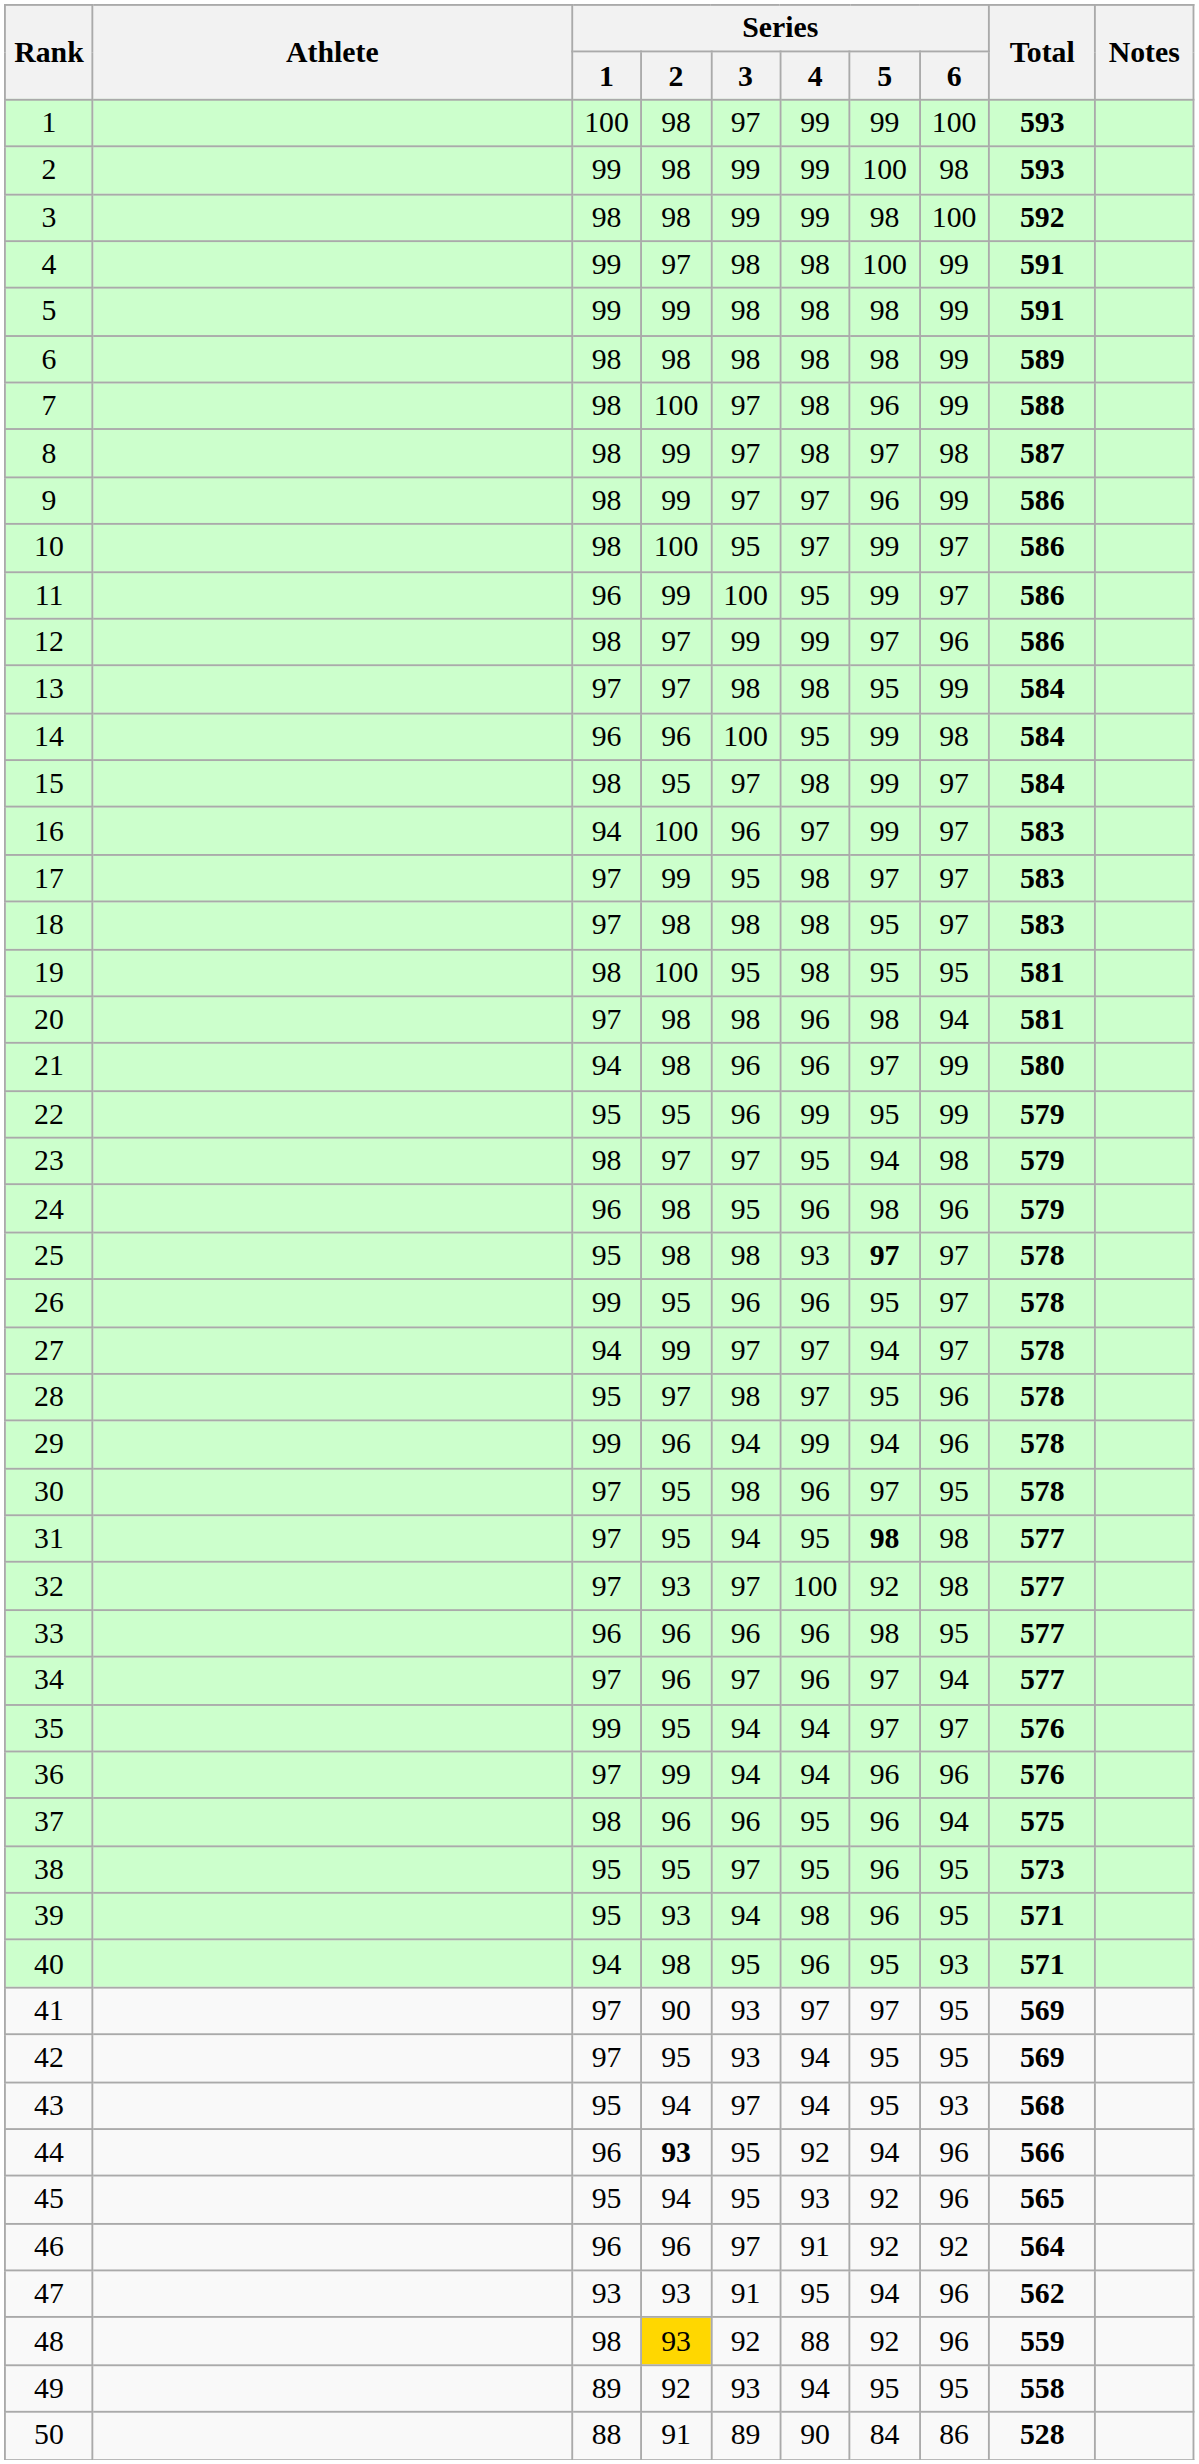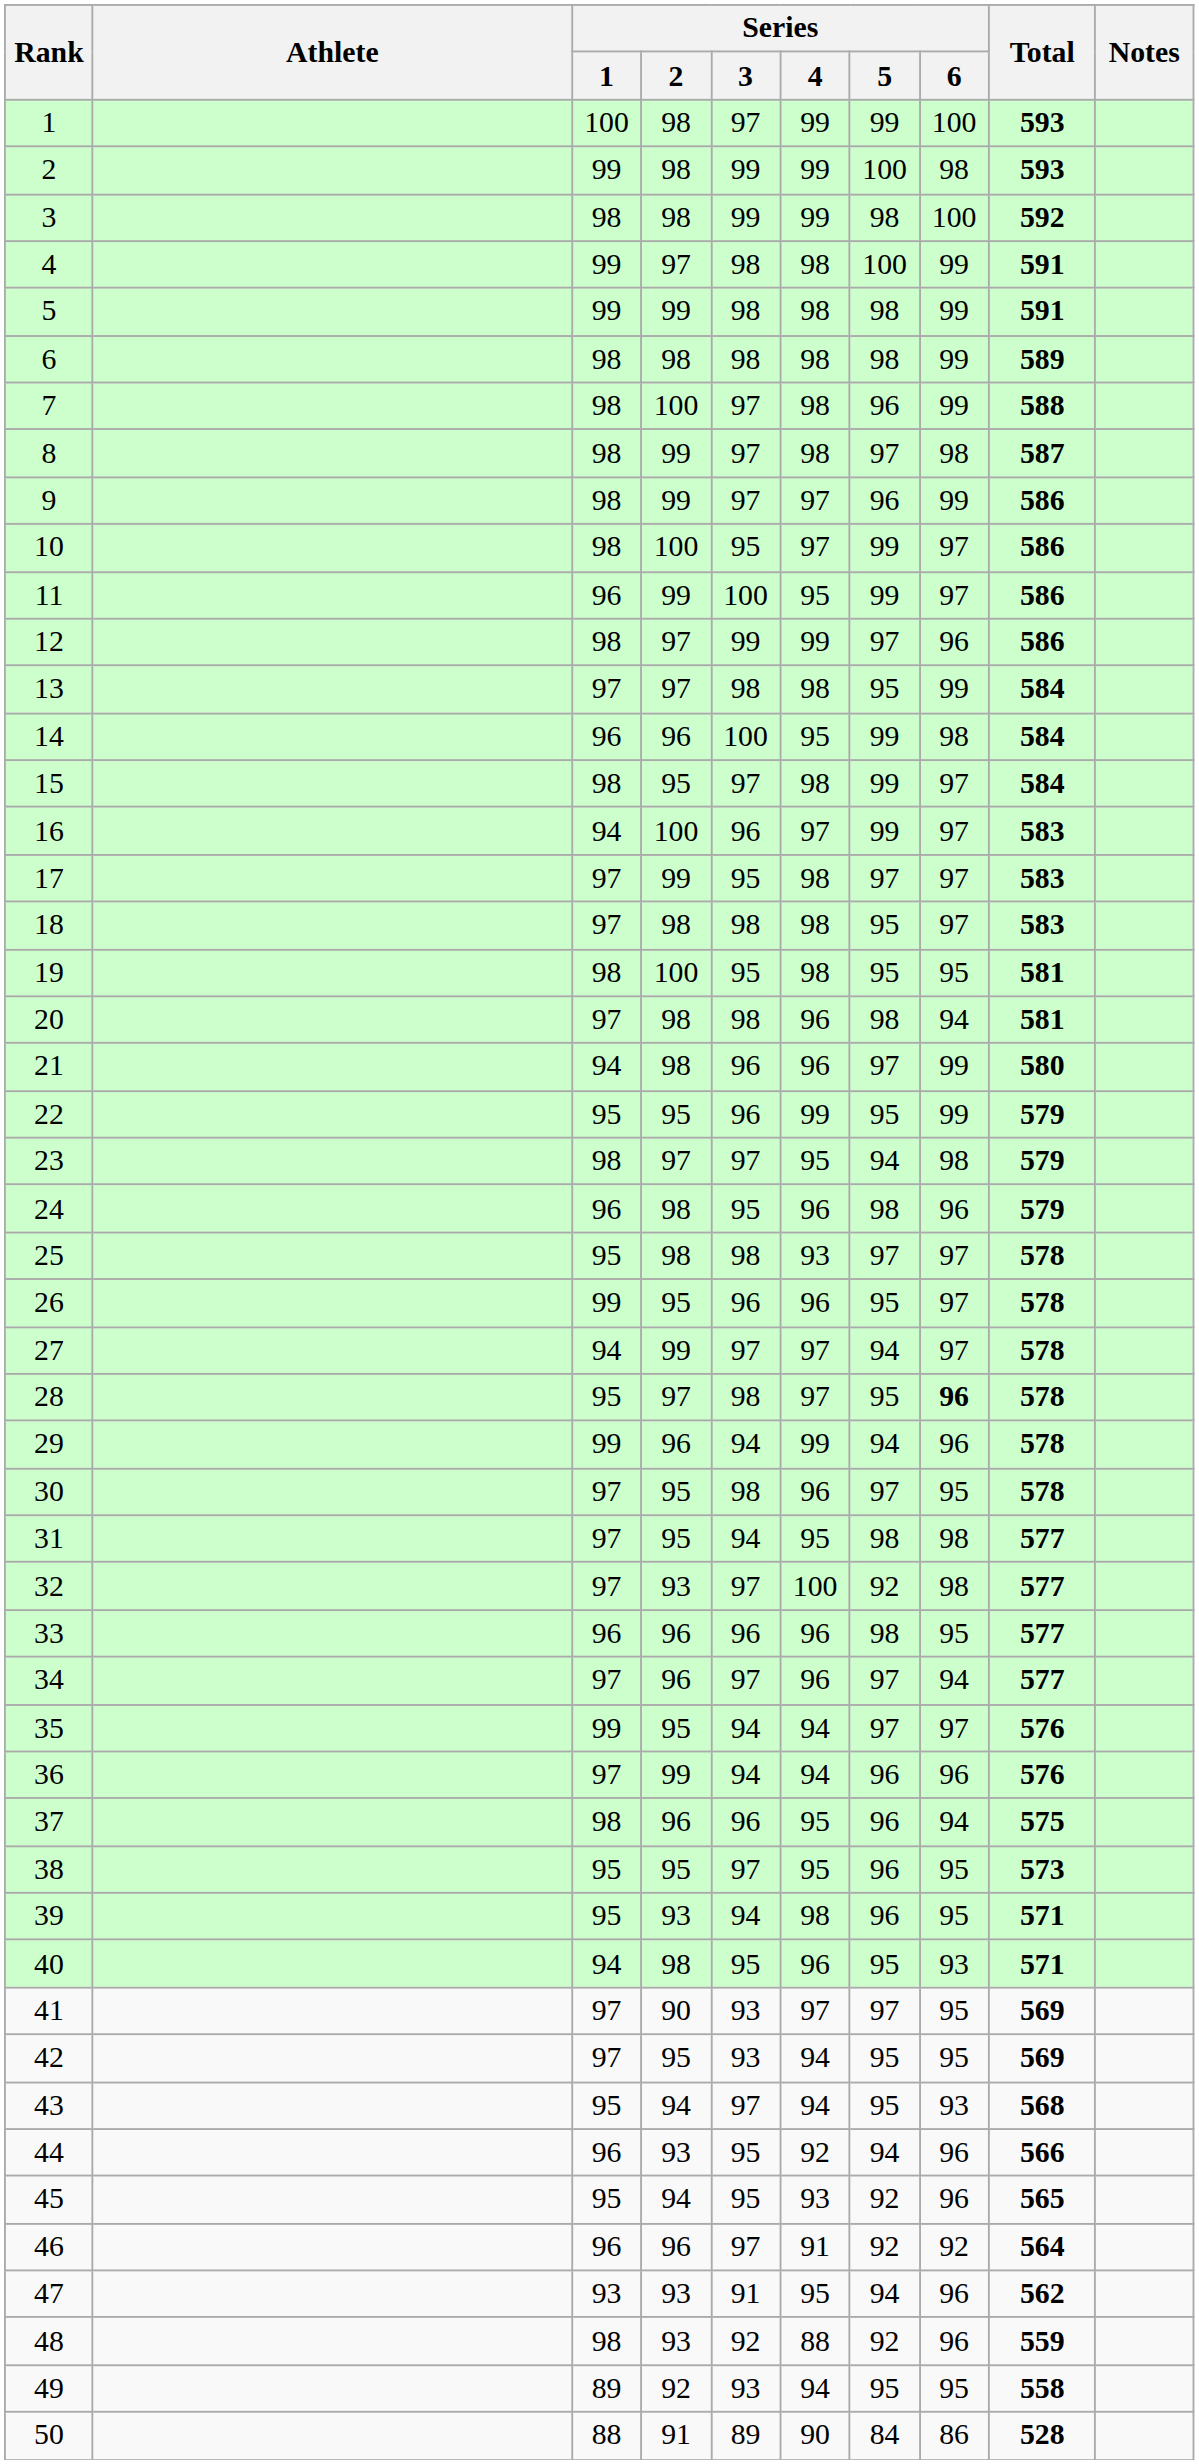 <table class="wikitable" style="text-align:center">
 <tr>
 <th rowspan=2 width=40>Rank</th>
 <th rowspan=2 width=250>Athlete</th>
 <th colspan=6>Series</th>
 <th rowspan=2 width=50>Total</th>
 <th rowspan=2 width=45>Notes</th>
 </tr>
 <tr>
 <th width=30>1</th>
 <th width=30>2</th>
 <th width=30>3</th>
 <th width=30>4</th>
 <th width=30>5</th>
 <th width=30>6</th>
 </tr>
 <tr bgcolor=ccffcc>
 <td>1</td>
 <td align=left></td>
 <td>100</td>
 <td>98</td>
 <td>97</td>
 <td>99</td>
 <td>99</td>
 <td>100</td>
 <td><strong>593</strong></td>
 <td></td>
 </tr>
 <tr bgcolor=ccffcc>
 <td>2</td>
 <td align=left></td>
 <td>99</td>
 <td>98</td>
 <td>99</td>
 <td>99</td>
 <td>100</td>
 <td>98</td>
 <td><strong>593</strong></td>
 <td></td>
 </tr>
 <tr bgcolor=ccffcc>
 <td>3</td>
 <td align=left></td>
 <td>98</td>
 <td>98</td>
 <td>99</td>
 <td>99</td>
 <td>98</td>
 <td>100</td>
 <td><strong>592</strong></td>
 <td></td>
 </tr>
 <tr bgcolor=ccffcc>
 <td>4</td>
 <td align=left></td>
 <td>99</td>
 <td>97</td>
 <td>98</td>
 <td>98</td>
 <td>100</td>
 <td>99</td>
 <td><strong>591</strong></td>
 <td></td>
 </tr>
 <tr bgcolor=ccffcc>
 <td>5</td>
 <td align=left></td>
 <td>99</td>
 <td>99</td>
 <td>98</td>
 <td>98</td>
 <td>98</td>
 <td>99</td>
 <td><strong>591</strong></td>
 <td></td>
 </tr>
 <tr bgcolor=ccffcc>
 <td>6</td>
 <td align=left></td>
 <td>98</td>
 <td>98</td>
 <td>98</td>
 <td>98</td>
 <td>98</td>
 <td>99</td>
 <td><strong>589</strong></td>
 <td></td>
 </tr>
 <tr bgcolor=ccffcc>
 <td>7</td>
 <td align=left></td>
 <td>98</td>
 <td>100</td>
 <td>97</td>
 <td>98</td>
 <td>96</td>
 <td>99</td>
 <td><strong>588</strong></td>
 <td></td>
 </tr>
 <tr bgcolor=ccffcc>
 <td>8</td>
 <td align=left></td>
 <td>98</td>
 <td>99</td>
 <td>97</td>
 <td>98</td>
 <td>97</td>
 <td>98</td>
 <td><strong>587</strong></td>
 <td></td>
 </tr>
 <tr bgcolor=ccffcc>
 <td>9</td>
 <td align=left></td>
 <td>98</td>
 <td>99</td>
 <td>97</td>
 <td>97</td>
 <td>96</td>
 <td>99</td>
 <td><strong>586</strong></td>
 <td></td>
 </tr>
 <tr bgcolor=ccffcc>
 <td>10</td>
 <td align=left></td>
 <td>98</td>
 <td>100</td>
 <td>95</td>
 <td>97</td>
 <td>99</td>
 <td>97</td>
 <td><strong>586</strong></td>
 <td></td>
 </tr>
 <tr bgcolor=ccffcc>
 <td>11</td>
 <td align=left></td>
 <td>96</td>
 <td>99</td>
 <td>100</td>
 <td>95</td>
 <td>99</td>
 <td>97</td>
 <td><strong>586</strong></td>
 <td></td>
 </tr>
 <tr bgcolor=ccffcc>
 <td>12</td>
 <td align=left></td>
 <td>98</td>
 <td>97</td>
 <td>99</td>
 <td>99</td>
 <td>97</td>
 <td>96</td>
 <td><strong>586</strong></td>
 <td></td>
 </tr>
 <tr bgcolor=ccffcc>
 <td>13</td>
 <td align=left></td>
 <td>97</td>
 <td>97</td>
 <td>98</td>
 <td>98</td>
 <td>95</td>
 <td>99</td>
 <td><strong>584</strong></td>
 <td></td>
 </tr>
 <tr bgcolor=ccffcc>
 <td>14</td>
 <td align=left></td>
 <td>96</td>
 <td>96</td>
 <td>100</td>
 <td>95</td>
 <td>99</td>
 <td>98</td>
 <td><strong>584</strong></td>
 <td></td>
 </tr>
 <tr bgcolor=ccffcc>
 <td>15</td>
 <td align=left></td>
 <td>98</td>
 <td>95</td>
 <td>97</td>
 <td>98</td>
 <td>99</td>
 <td>97</td>
 <td><strong>584</strong></td>
 <td></td>
 </tr>
 <tr bgcolor=ccffcc>
 <td>16</td>
 <td align=left></td>
 <td>94</td>
 <td>100</td>
 <td>96</td>
 <td>97</td>
 <td>99</td>
 <td>97</td>
 <td><strong>583</strong></td>
 <td></td>
 </tr>
 <tr bgcolor=ccffcc>
 <td>17</td>
 <td align=left></td>
 <td>97</td>
 <td>99</td>
 <td>95</td>
 <td>98</td>
 <td>97</td>
 <td>97</td>
 <td><strong>583</strong></td>
 <td></td>
 </tr>
 <tr bgcolor=ccffcc>
 <td>18</td>
 <td align=left></td>
 <td>97</td>
 <td>98</td>
 <td>98</td>
 <td>98</td>
 <td>95</td>
 <td>97</td>
 <td><strong>583</strong></td>
 <td></td>
 </tr>
 <tr bgcolor=ccffcc>
 <td>19</td>
 <td align=left></td>
 <td>98</td>
 <td>100</td>
 <td>95</td>
 <td>98</td>
 <td>95</td>
 <td>95</td>
 <td><strong>581</strong></td>
 <td></td>
 </tr>
 <tr bgcolor=ccffcc>
 <td>20</td>
 <td align=left></td>
 <td>97</td>
 <td>98</td>
 <td>98</td>
 <td>96</td>
 <td>98</td>
 <td>94</td>
 <td><strong>581</strong></td>
 <td></td>
 </tr>
 <tr bgcolor=ccffcc>
 <td>21</td>
 <td align=left></td>
 <td>94</td>
 <td>98</td>
 <td>96</td>
 <td>96</td>
 <td>97</td>
 <td>99</td>
 <td><strong>580</strong></td>
 <td></td>
 </tr>
 <tr bgcolor=ccffcc>
 <td>22</td>
 <td align=left></td>
 <td>95</td>
 <td>95</td>
 <td>96</td>
 <td>99</td>
 <td>95</td>
 <td>99</td>
 <td><strong>579</strong></td>
 <td></td>
 </tr>
 <tr bgcolor=ccffcc>
 <td>23</td>
 <td align=left></td>
 <td>98</td>
 <td>97</td>
 <td>97</td>
 <td>95</td>
 <td>94</td>
 <td>98</td>
 <td><strong>579</strong></td>
 <td></td>
 </tr>
 <tr bgcolor=ccffcc>
 <td>24</td>
 <td align=left></td>
 <td>96</td>
 <td>98</td>
 <td>95</td>
 <td>96</td>
 <td>98</td>
 <td>96</td>
 <td><strong>579</strong></td>
 <td></td>
 </tr>
 <tr bgcolor=ccffcc>
 <td>25</td>
 <td align=left></td>
 <td>95</td>
 <td>98</td>
 <td>98</td>
 <td>93</td>
-<td><strong>97</strong></td>
+<td>97</td>
 <td>97</td>
 <td><strong>578</strong></td>
 <td></td>
 </tr>
 <tr bgcolor=ccffcc>
 <td>26</td>
 <td align=left></td>
 <td>99</td>
 <td>95</td>
 <td>96</td>
 <td>96</td>
 <td>95</td>
 <td>97</td>
 <td><strong>578</strong></td>
 <td></td>
 </tr>
 <tr bgcolor=ccffcc>
 <td>27</td>
 <td align=left></td>
 <td>94</td>
 <td>99</td>
 <td>97</td>
 <td>97</td>
 <td>94</td>
 <td>97</td>
 <td><strong>578</strong></td>
 <td></td>
 </tr>
 <tr bgcolor=ccffcc>
 <td>28</td>
 <td align=left></td>
 <td>95</td>
 <td>97</td>
 <td>98</td>
 <td>97</td>
 <td>95</td>
-<td>96</td>
+<td><strong>96</strong></td>
 <td><strong>578</strong></td>
 <td></td>
 </tr>
 <tr bgcolor=ccffcc>
 <td>29</td>
 <td align=left></td>
 <td>99</td>
 <td>96</td>
 <td>94</td>
 <td>99</td>
 <td>94</td>
 <td>96</td>
 <td><strong>578</strong></td>
 <td></td>
 </tr>
 <tr bgcolor=ccffcc>
 <td>30</td>
 <td align=left></td>
 <td>97</td>
 <td>95</td>
 <td>98</td>
 <td>96</td>
 <td>97</td>
 <td>95</td>
 <td><strong>578</strong></td>
 <td></td>
 </tr>
 <tr bgcolor=ccffcc>
 <td>31</td>
 <td align=left></td>
 <td>97</td>
 <td>95</td>
 <td>94</td>
 <td>95</td>
-<td><strong>98</strong></td>
+<td>98</td>
 <td>98</td>
 <td><strong>577</strong></td>
 <td></td>
 </tr>
 <tr bgcolor=ccffcc>
 <td>32</td>
 <td align=left></td>
 <td>97</td>
 <td>93</td>
 <td>97</td>
 <td>100</td>
 <td>92</td>
 <td>98</td>
 <td><strong>577</strong></td>
 <td></td>
 </tr>
 <tr bgcolor=ccffcc>
 <td>33</td>
 <td align=left></td>
 <td>96</td>
 <td>96</td>
 <td>96</td>
 <td>96</td>
 <td>98</td>
 <td>95</td>
 <td><strong>577</strong></td>
 <td></td>
 </tr>
 <tr bgcolor=ccffcc>
 <td>34</td>
 <td align=left></td>
 <td>97</td>
 <td>96</td>
 <td>97</td>
 <td>96</td>
 <td>97</td>
 <td>94</td>
 <td><strong>577</strong></td>
 <td></td>
 </tr>
 <tr bgcolor=ccffcc>
 <td>35</td>
 <td align=left></td>
 <td>99</td>
 <td>95</td>
 <td>94</td>
 <td>94</td>
 <td>97</td>
 <td>97</td>
 <td><strong>576</strong></td>
 <td></td>
 </tr>
 <tr bgcolor=ccffcc>
 <td>36</td>
 <td align=left></td>
 <td>97</td>
 <td>99</td>
 <td>94</td>
 <td>94</td>
 <td>96</td>
 <td>96</td>
 <td><strong>576</strong></td>
 <td></td>
 </tr>
 <tr bgcolor=ccffcc>
 <td>37</td>
 <td align=left></td>
 <td>98</td>
 <td>96</td>
 <td>96</td>
 <td>95</td>
 <td>96</td>
 <td>94</td>
 <td><strong>575</strong></td>
 <td></td>
 </tr>
 <tr bgcolor=ccffcc>
 <td>38</td>
 <td align=left></td>
 <td>95</td>
 <td>95</td>
 <td>97</td>
 <td>95</td>
 <td>96</td>
 <td>95</td>
 <td><strong>573</strong></td>
 <td></td>
 </tr>
 <tr bgcolor=ccffcc>
 <td>39</td>
 <td align=left></td>
 <td>95</td>
 <td>93</td>
 <td>94</td>
 <td>98</td>
 <td>96</td>
 <td>95</td>
 <td><strong>571</strong></td>
 <td></td>
 </tr>
 <tr bgcolor=ccffcc>
 <td>40</td>
 <td align=left></td>
 <td>94</td>
 <td>98</td>
 <td>95</td>
 <td>96</td>
 <td>95</td>
 <td>93</td>
 <td><strong>571</strong></td>
 <td></td>
 </tr>
 <tr>
 <td>41</td>
 <td align=left></td>
 <td>97</td>
 <td>90</td>
 <td>93</td>
 <td>97</td>
 <td>97</td>
 <td>95</td>
 <td><strong>569</strong></td>
 <td></td>
 </tr>
 <tr>
 <td>42</td>
 <td align=left></td>
 <td>97</td>
 <td>95</td>
 <td>93</td>
 <td>94</td>
 <td>95</td>
 <td>95</td>
 <td><strong>569</strong></td>
 <td></td>
 </tr>
 <tr>
 <td>43</td>
 <td align=left></td>
 <td>95</td>
 <td>94</td>
 <td>97</td>
 <td>94</td>
 <td>95</td>
 <td>93</td>
 <td><strong>568</strong></td>
 <td></td>
 </tr>
 <tr>
 <td>44</td>
 <td align=left></td>
 <td>96</td>
-<td><strong>93</strong></td>
+<td>93</td>
 <td>95</td>
 <td>92</td>
 <td>94</td>
 <td>96</td>
 <td><strong>566</strong></td>
 <td></td>
 </tr>
 <tr>
 <td>45</td>
 <td align=left></td>
 <td>95</td>
 <td>94</td>
 <td>95</td>
 <td>93</td>
 <td>92</td>
 <td>96</td>
 <td><strong>565</strong></td>
 <td></td>
 </tr>
 <tr>
 <td>46</td>
 <td align=left></td>
 <td>96</td>
 <td>96</td>
 <td>97</td>
 <td>91</td>
 <td>92</td>
 <td>92</td>
 <td><strong>564</strong></td>
 <td></td>
 </tr>
 <tr>
 <td>47</td>
 <td align=left></td>
 <td>93</td>
 <td>93</td>
 <td>91</td>
 <td>95</td>
 <td>94</td>
 <td>96</td>
 <td><strong>562</strong></td>
 <td></td>
 </tr>
 <tr>
 <td>48</td>
 <td align=left></td>
 <td>98</td>
-<td style="background: gold;">93</td>
+<td>93</td>
 <td>92</td>
 <td>88</td>
 <td>92</td>
 <td>96</td>
 <td><strong>559</strong></td>
 <td></td>
 </tr>
 <tr>
 <td>49</td>
 <td align=left></td>
 <td>89</td>
 <td>92</td>
 <td>93</td>
 <td>94</td>
 <td>95</td>
 <td>95</td>
 <td><strong>558</strong></td>
 <td></td>
 </tr>
 <tr>
 <td>50</td>
 <td align=left></td>
 <td>88</td>
 <td>91</td>
 <td>89</td>
 <td>90</td>
 <td>84</td>
 <td>86</td>
 <td><strong>528</strong></td>
 <td></td>
 </tr>
 </table>
